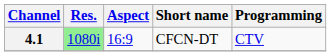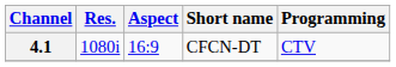 <table class="wikitable">
 <tr>
 <th scope = "col"><a href='#'>Channel</a></th>
 <th scope = "col"><a href='#'>Res.</a></th>
 <th scope = "col"><a href='#'>Aspect</a></th>
 <th scope = "col">Short name</th>
 <th scope = "col">Programming</th>
 </tr>
 <tr>
 <th scope = "col">4.1</th>
-<td style="background: lightgreen;"><a href='#'>1080i</a></td>
+<td><a href='#'>1080i</a></td>
 <td><a href='#'>16:9</a></td>
 <td>CFCN-DT</td>
 <td><a href='#'>CTV</a></td>
 </tr>
 <tr>
 </tr>
 </table>
